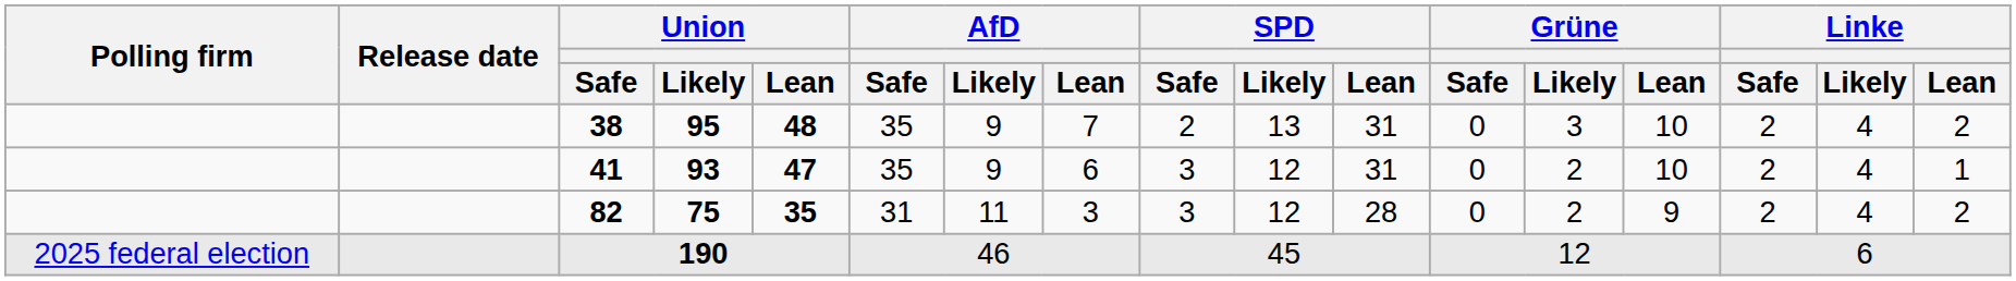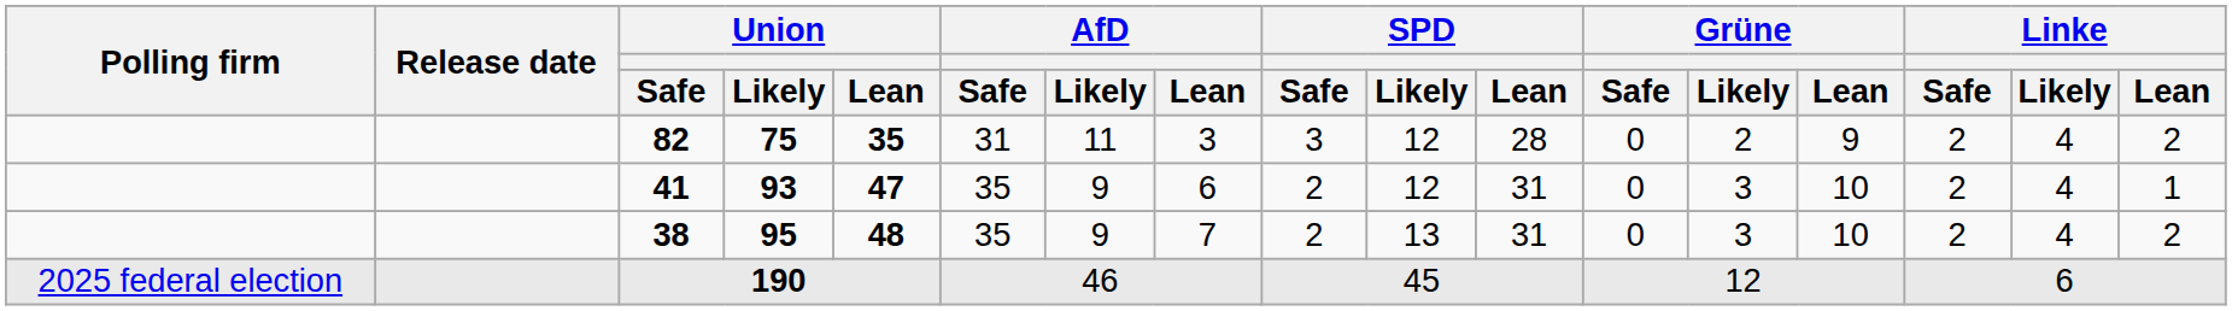 <table class="wikitable mw-datatable" style="text-align:center;font-size:90%;line-height:14px;">
 <tr>
 <th style="width:155px;" rowspan="3">Polling firm</th>
 <th style="width:100px;" rowspan="3">Release date</th>
 <th colspan="3"><a href='#'>Union</a></th>
 <th colspan="3"><a href='#'>AfD</a></th>
 <th colspan="3"><a href='#'>SPD</a></th>
 <th colspan="3"><a href='#'>Grüne</a></th>
 <th colspan="3"><a href='#'>Linke</a></th>
 </tr>
 <tr>
 <th colspan="3" style="background:"></th>
 <th colspan="3" style="background:"></th>
 <th colspan="3" style="background:"></th>
 <th colspan="3" style="background:"></th>
 <th colspan="3" style="background:"></th>
 </tr>
 <tr>
 <th style="width:40px;">Safe</th>
 <th style="width:40px;">Likely</th>
 <th style="width:40px;">Lean</th>
 <th style="width:40px;">Safe</th>
 <th style="width:40px;">Likely</th>
 <th style="width:40px;">Lean</th>
 <th style="width:40px;">Safe</th>
 <th style="width:40px;">Likely</th>
 <th style="width:40px;">Lean</th>
 <th style="width:40px;">Safe</th>
 <th style="width:40px;">Likely</th>
 <th style="width:40px;">Lean</th>
 <th style="width:40px;">Safe</th>
 <th style="width:40px;">Likely</th>
 <th style="width:40px;">Lean</th>
 </tr>
 <tr>
 <td></td>
 <td></td>
+<td><strong>82</strong></td>
+<td><strong>75</strong></td>
+<td><strong>35</strong></td>
+<td>31</td>
+<td>11</td>
+<td>3</td>
+<td>3</td>
+<td>12</td>
+<td>28</td>
+<td>0</td>
+<td>2</td>
+<td>9</td>
+<td>2</td>
+<td>4</td>
+<td>2</td>
+</tr>
+<tr>
+<td></td>
+<td></td>
+<td><strong>41</strong></td>
+<td><strong>93</strong></td>
+<td><strong>47</strong></td>
+<td>35</td>
+<td>9</td>
+<td>6</td>
+<td>2</td>
+<td>12</td>
+<td>31</td>
+<td>0</td>
+<td>3</td>
+<td>10</td>
+<td>2</td>
+<td>4</td>
+<td>1</td>
+</tr>
+<tr>
+<td></td>
+<td></td>
 <td><strong>38</strong></td>
 <td><strong>95</strong></td>
 <td><strong>48</strong></td>
 <td>35</td>
 <td>9</td>
 <td>7</td>
 <td>2</td>
 <td>13</td>
 <td>31</td>
 <td>0</td>
 <td>3</td>
 <td>10</td>
 <td>2</td>
 <td>4</td>
 <td>2</td>
 </tr>
-<tr>
-<td></td>
-<td></td>
-<td><strong>41</strong></td>
-<td><strong>93</strong></td>
-<td><strong>47</strong></td>
-<td>35</td>
-<td>9</td>
-<td>6</td>
-<td>3</td>
-<td>12</td>
-<td>31</td>
-<td>0</td>
-<td>2</td>
-<td>10</td>
-<td>2</td>
-<td>4</td>
-<td>1</td>
-</tr>
-<tr>
-<td></td>
-<td></td>
-<td><strong>82</strong></td>
-<td><strong>75</strong></td>
-<td><strong>35</strong></td>
-<td>31</td>
-<td>11</td>
-<td>3</td>
-<td>3</td>
-<td>12</td>
-<td>28</td>
-<td>0</td>
-<td>2</td>
-<td>9</td>
-<td>2</td>
-<td>4</td>
-<td>2</td>
-</tr>
 <tr style="background:#E9E9E9;">
 <td><a href='#'>2025 federal election</a></td>
 <td></td>
 <td colspan="3" ><strong>190</strong></td>
 <td colspan="3">46</td>
 <td colspan="3">45</td>
 <td colspan="3">12</td>
 <td colspan="3">6</td>
 </tr>
 </table>
